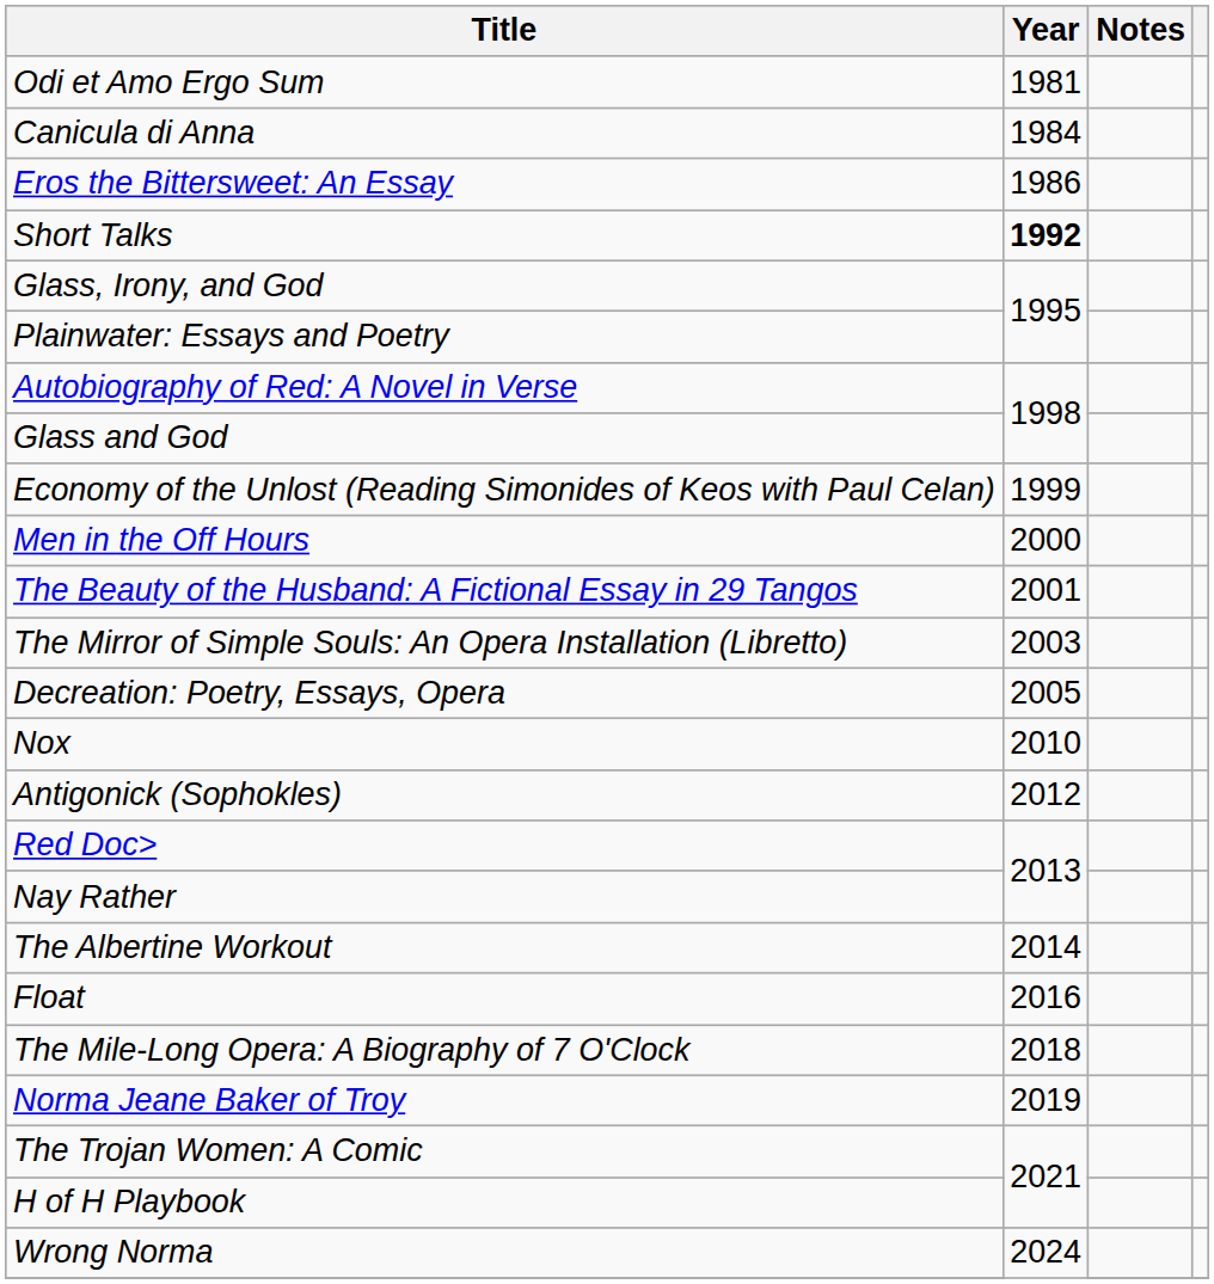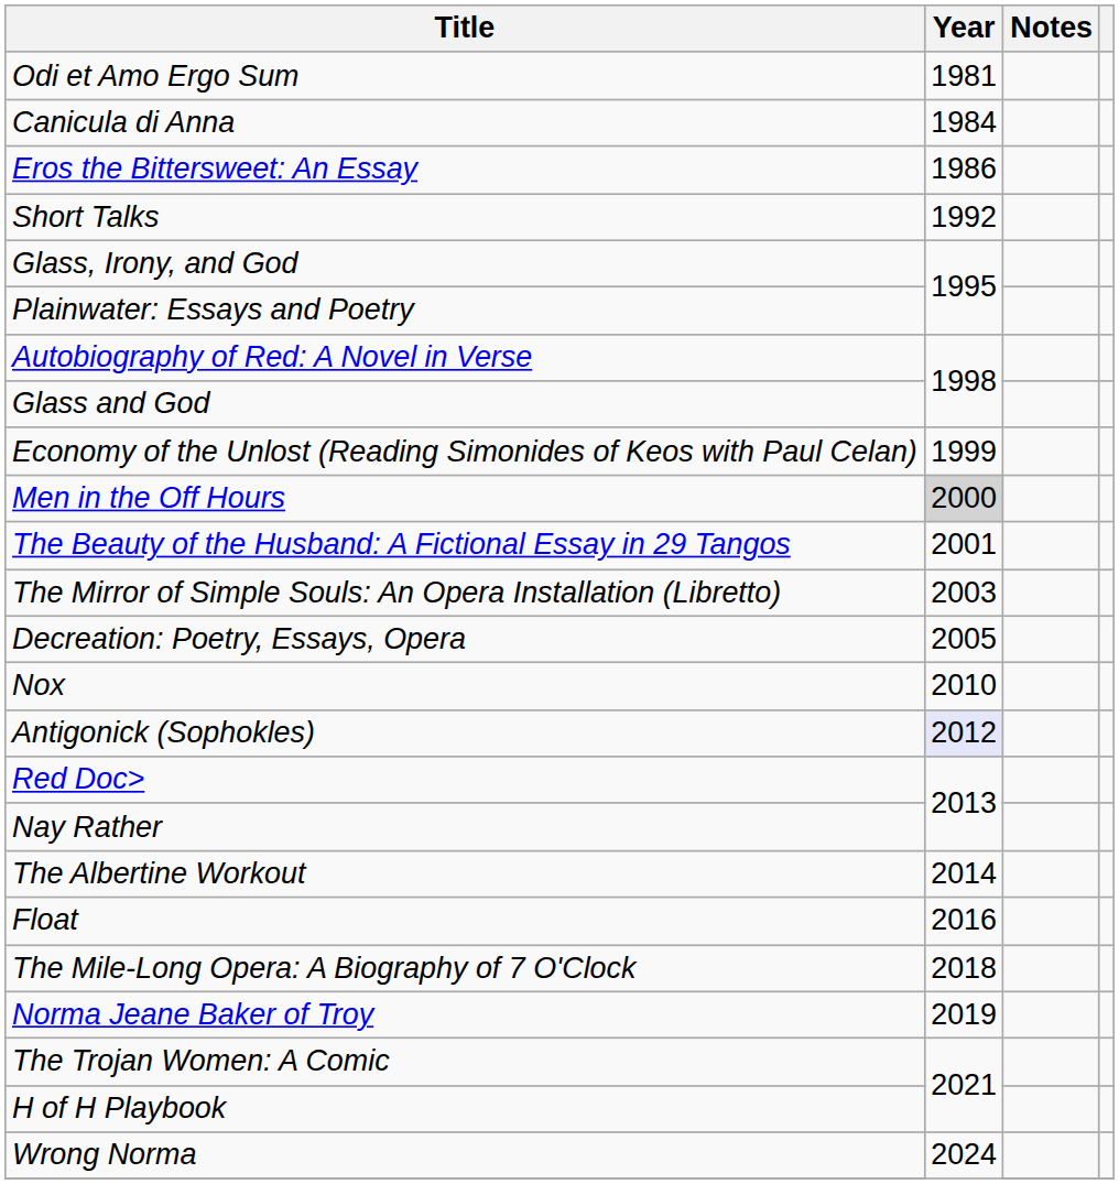 <table class="wikitable sortable" style="text-align:center;">
 <tr>
 <th>Title</th>
 <th>Year</th>
 <th class=unsortable>Notes</th>
 <th class=unsortable></th>
 </tr>
 <tr>
 <td style="text-align:left"><em>Odi et Amo Ergo Sum</em></td>
 <td>1981</td>
 <td></td>
 <td></td>
 </tr>
 <tr>
 <td style="text-align:left"><em>Canicula di Anna</em></td>
 <td>1984</td>
 <td></td>
 <td></td>
 </tr>
 <tr>
 <td style="text-align:left"><em><a href='#'>Eros the Bittersweet: An Essay</a></em></td>
 <td>1986</td>
 <td></td>
 <td></td>
 </tr>
 <tr>
 <td style="text-align:left"><em>Short Talks</em></td>
-<td><strong>1992</strong></td>
+<td>1992</td>
 <td></td>
 <td></td>
 </tr>
 <tr>
 <td style="text-align:left"><em>Glass, Irony, and God</em></td>
 <td rowspan="2">1995</td>
 <td></td>
 <td></td>
 </tr>
 <tr>
 <td style="text-align:left"><em>Plainwater: Essays and Poetry</em></td>
 <td></td>
 <td></td>
 </tr>
 <tr>
 <td style="text-align:left"><em><a href='#'>Autobiography of Red: A Novel in Verse</a></em></td>
 <td rowspan="2">1998</td>
 <td></td>
 <td></td>
 </tr>
 <tr>
 <td style="text-align:left"><em>Glass and God</em></td>
 <td></td>
 <td></td>
 </tr>
 <tr>
 <td style="text-align:left"><em>Economy of the Unlost (Reading Simonides of Keos with Paul Celan)</em></td>
 <td>1999</td>
 <td></td>
 <td></td>
 </tr>
 <tr>
 <td style="text-align:left"><em><a href='#'>Men in the Off Hours</a></em></td>
-<td>2000</td>
+<td style="background: lightgrey;">2000</td>
 <td></td>
 <td></td>
 </tr>
 <tr>
 <td style="text-align:left"><em><a href='#'>The Beauty of the Husband: A Fictional Essay in 29 Tangos</a></em></td>
 <td>2001</td>
 <td></td>
 <td></td>
 </tr>
 <tr>
 <td style="text-align:left"><em>The Mirror of Simple Souls: An Opera Installation (Libretto)</em></td>
 <td>2003</td>
 <td></td>
 <td></td>
 </tr>
 <tr>
 <td style="text-align:left"><em>Decreation: Poetry, Essays, Opera</em></td>
 <td>2005</td>
 <td></td>
 <td></td>
 </tr>
 <tr>
 <td style="text-align:left"><em>Nox</em></td>
 <td>2010</td>
 <td></td>
 <td></td>
 </tr>
 <tr>
 <td style="text-align:left"><em>Antigonick (Sophokles)</em></td>
-<td>2012</td>
+<td style="background: lavender;">2012</td>
 <td></td>
 <td></td>
 </tr>
 <tr>
 <td style="text-align:left"><em><a href='#'>Red Doc></a></em></td>
 <td rowspan="2">2013</td>
 <td></td>
 <td></td>
 </tr>
 <tr>
 <td style="text-align:left"><em>Nay Rather</em></td>
 <td></td>
 <td></td>
 </tr>
 <tr>
 <td style="text-align:left"><em>The Albertine Workout</em></td>
 <td>2014</td>
 <td></td>
 <td></td>
 </tr>
 <tr>
 <td style="text-align:left"><em>Float</em></td>
 <td>2016</td>
 <td></td>
 <td></td>
 </tr>
 <tr>
 <td style="text-align:left"><em>The Mile-Long Opera: A Biography of 7 O'Clock</em></td>
 <td>2018</td>
 <td></td>
 <td></td>
 </tr>
 <tr>
 <td style="text-align:left"><em><a href='#'>Norma Jeane Baker of Troy</a></em></td>
 <td>2019</td>
 <td></td>
 <td></td>
 </tr>
 <tr>
 <td style="text-align:left"><em>The Trojan Women: A Comic</em></td>
 <td rowspan="2">2021</td>
 <td></td>
 <td></td>
 </tr>
 <tr>
 <td style="text-align:left"><em>H of H Playbook</em></td>
 <td></td>
 <td></td>
 </tr>
 <tr>
 <td style="text-align:left"><em>Wrong Norma</em></td>
 <td rowspan="2">2024</td>
 <td></td>
 <td></td>
 </tr>
 <tr>
 </tr>
 </table>
